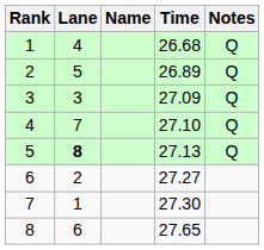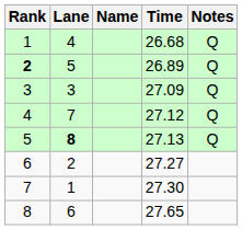 <table class="wikitable sortable" style="text-align:center">
 <tr>
 <th>Rank</th>
 <th>Lane</th>
 <th>Name</th>
 <th>Time</th>
 <th>Notes</th>
 </tr>
 <tr bgcolor=ccffcc>
 <td>1</td>
 <td>4</td>
 <td align=left></td>
 <td>26.68</td>
 <td>Q</td>
 </tr>
 <tr bgcolor=ccffcc>
-<td>2</td>
+<td><strong>2</strong></td>
 <td>5</td>
 <td align=left></td>
 <td>26.89</td>
 <td>Q</td>
 </tr>
 <tr bgcolor=ccffcc>
 <td>3</td>
 <td>3</td>
 <td align=left></td>
 <td>27.09</td>
 <td>Q</td>
 </tr>
 <tr bgcolor=ccffcc>
 <td>4</td>
 <td>7</td>
 <td align=left></td>
-<td>27.10</td>
+<td>27.12</td>
 <td>Q</td>
 </tr>
 <tr bgcolor=ccffcc>
 <td>5</td>
 <td><strong>8</strong></td>
 <td align=left></td>
 <td>27.13</td>
 <td>Q</td>
 </tr>
 <tr>
 <td>6</td>
 <td>2</td>
 <td align=left></td>
 <td>27.27</td>
 <td></td>
 </tr>
 <tr>
 <td>7</td>
 <td>1</td>
 <td align=left></td>
 <td>27.30</td>
 <td></td>
 </tr>
 <tr>
 <td>8</td>
 <td>6</td>
 <td align=left></td>
 <td>27.65</td>
 <td></td>
 </tr>
 </table>
